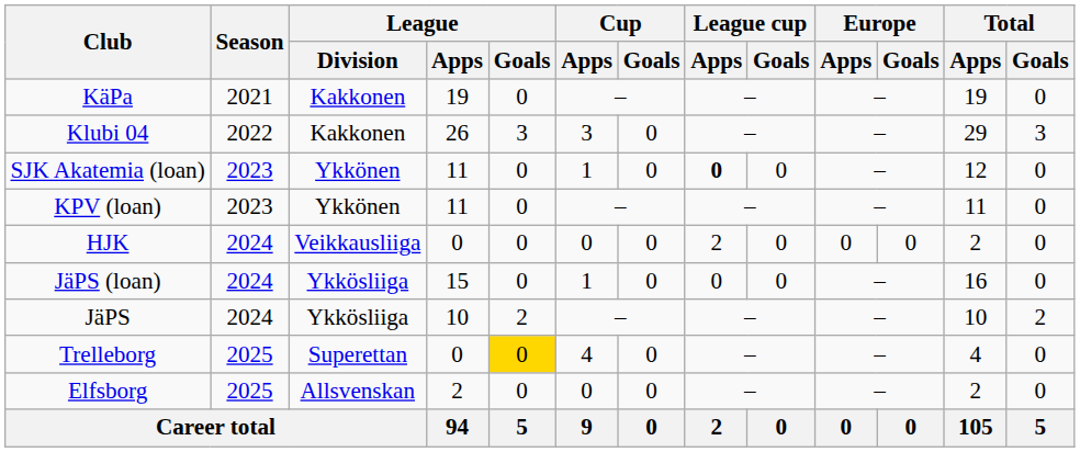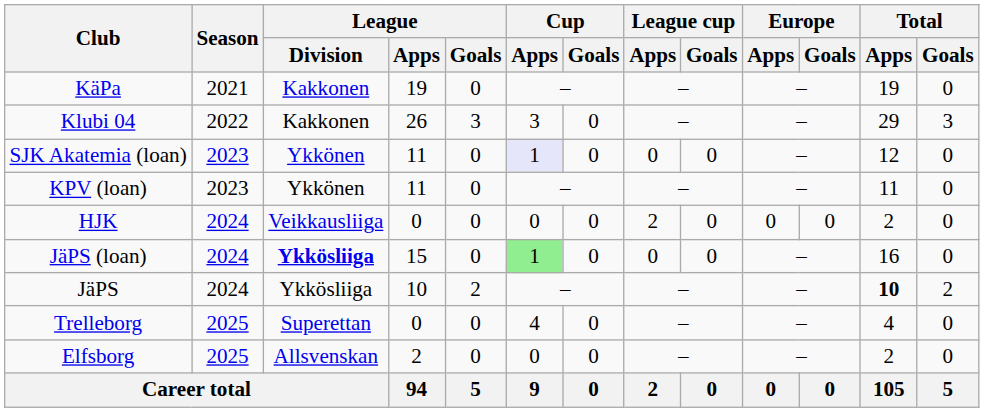 <table class="wikitable" style="text-align:center">
 <tr>
 <th rowspan="2">Club</th>
 <th rowspan="2">Season</th>
 <th colspan="3">League</th>
 <th colspan="2">Cup</th>
 <th colspan="2">League cup</th>
 <th colspan="2">Europe</th>
 <th colspan="2">Total</th>
 </tr>
 <tr>
 <th>Division</th>
 <th>Apps</th>
 <th>Goals</th>
 <th>Apps</th>
 <th>Goals</th>
 <th>Apps</th>
 <th>Goals</th>
 <th>Apps</th>
 <th>Goals</th>
 <th>Apps</th>
 <th>Goals</th>
 </tr>
 <tr>
 <td><a href='#'>KäPa</a></td>
 <td>2021</td>
 <td><a href='#'>Kakkonen</a></td>
 <td>19</td>
 <td>0</td>
 <td colspan=2>–</td>
 <td colspan=2>–</td>
 <td colspan=2>–</td>
 <td>19</td>
 <td>0</td>
 </tr>
 <tr>
 <td><a href='#'>Klubi 04</a></td>
 <td>2022</td>
 <td>Kakkonen</td>
 <td>26</td>
 <td>3</td>
 <td>3</td>
 <td>0</td>
 <td colspan=2>–</td>
 <td colspan=2>–</td>
 <td>29</td>
 <td>3</td>
 </tr>
 <tr>
 <td><a href='#'>SJK Akatemia</a> (loan)</td>
 <td><a href='#'>2023</a></td>
 <td><a href='#'>Ykkönen</a></td>
 <td>11</td>
 <td>0</td>
-<td>1</td>
+<td style="background: lavender;">1</td>
 <td>0</td>
-<td><strong>0</strong></td>
+<td>0</td>
 <td>0</td>
 <td colspan=2>–</td>
 <td>12</td>
 <td>0</td>
 </tr>
 <tr>
 <td><a href='#'>KPV</a> (loan)</td>
 <td>2023</td>
 <td>Ykkönen</td>
 <td>11</td>
 <td>0</td>
 <td colspan=2>–</td>
 <td colspan=2>–</td>
 <td colspan=2>–</td>
 <td>11</td>
 <td>0</td>
 </tr>
 <tr>
 <td><a href='#'>HJK</a></td>
 <td><a href='#'>2024</a></td>
 <td><a href='#'>Veikkausliiga</a></td>
 <td>0</td>
 <td>0</td>
 <td>0</td>
 <td>0</td>
 <td>2</td>
 <td>0</td>
 <td>0</td>
 <td>0</td>
 <td>2</td>
 <td>0</td>
 </tr>
 <tr>
 <td><a href='#'>JäPS</a> (loan)</td>
 <td><a href='#'>2024</a></td>
-<td><a href='#'>Ykkösliiga</a></td>
+<td><strong><a href='#'>Ykkösliiga</a></strong></td>
 <td>15</td>
 <td>0</td>
-<td>1</td>
+<td style="background: lightgreen;">1</td>
 <td>0</td>
 <td>0</td>
 <td>0</td>
 <td colspan=2>–</td>
 <td>16</td>
 <td>0</td>
 </tr>
 <tr>
 <td>JäPS</td>
 <td>2024</td>
 <td>Ykkösliiga</td>
 <td>10</td>
 <td>2</td>
 <td colspan=2>–</td>
 <td colspan=2>–</td>
 <td colspan=2>–</td>
-<td>10</td>
+<td><strong>10</strong></td>
 <td>2</td>
 </tr>
 <tr>
 <td><a href='#'>Trelleborg</a></td>
 <td><a href='#'>2025</a></td>
 <td><a href='#'>Superettan</a></td>
 <td>0</td>
-<td style="background: gold;">0</td>
+<td>0</td>
 <td>4</td>
 <td>0</td>
 <td colspan=2>–</td>
 <td colspan=2>–</td>
 <td>4</td>
 <td>0</td>
 </tr>
 <tr>
 <td><a href='#'>Elfsborg</a></td>
 <td><a href='#'>2025</a></td>
 <td><a href='#'>Allsvenskan</a></td>
 <td>2</td>
 <td>0</td>
 <td>0</td>
 <td>0</td>
 <td colspan=2>–</td>
 <td colspan=2>–</td>
 <td>2</td>
 <td>0</td>
 </tr>
 <tr>
 <th colspan="3">Career total</th>
 <th>94</th>
 <th>5</th>
 <th>9</th>
 <th>0</th>
 <th>2</th>
 <th>0</th>
 <th>0</th>
 <th>0</th>
 <th>105</th>
 <th>5</th>
 </tr>
 </table>
